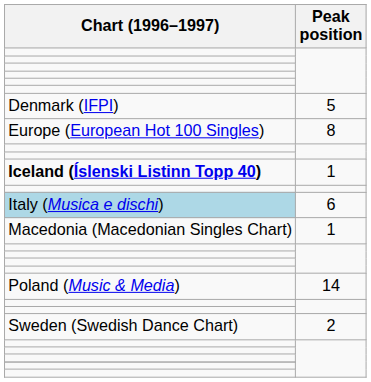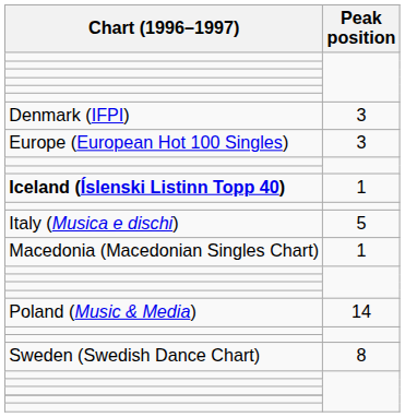 <table class="wikitable sortable">
 <tr>
 <th>Chart (1996–1997)</th>
 <th>Peak<br>position</th>
 </tr>
 <tr>
 <td></td>
 </tr>
 <tr>
 <td></td>
 </tr>
 <tr>
 <td></td>
 </tr>
 <tr>
 <td></td>
 </tr>
 <tr>
 <td></td>
 </tr>
 <tr>
 <td></td>
 </tr>
 <tr>
 <td>Denmark (<a href='#'>IFPI</a>)</td>
-<td align="center">5</td>
+<td align="center">3</td>
 </tr>
 <tr>
 <td>Europe (<a href='#'>European Hot 100 Singles</a>)</td>
-<td align="center">8</td>
+<td align="center">3</td>
 </tr>
 <tr>
 <td></td>
 </tr>
 <tr>
 <td></td>
 </tr>
 <tr>
 <td><strong>Iceland (<a href='#'>Íslenski Listinn Topp 40</a>)</strong></td>
 <td align="center">1</td>
 </tr>
 <tr>
 <td></td>
 </tr>
 <tr>
-<td style="background: lightblue;">Italy (<em><a href='#'>Musica e dischi</a></em>)</td>
-<td align="center">6</td>
+<td>Italy (<em><a href='#'>Musica e dischi</a></em>)</td>
+<td align="center">5</td>
 </tr>
 <tr>
 <td>Macedonia (Macedonian Singles Chart)</td>
 <td align="center">1</td>
 </tr>
 <tr>
 <td></td>
 </tr>
 <tr>
 <td></td>
 </tr>
 <tr>
 <td></td>
 </tr>
 <tr>
 <td></td>
 </tr>
 <tr>
 <td>Poland (<em><a href='#'>Music & Media</a></em>)</td>
 <td align="center">14</td>
 </tr>
 <tr>
 <td></td>
 </tr>
 <tr>
 <td></td>
 </tr>
 <tr>
 <td>Sweden (Swedish Dance Chart)</td>
-<td align="center">2</td>
+<td align="center">8</td>
 </tr>
 <tr>
 <td></td>
 </tr>
 <tr>
 <td></td>
 </tr>
 <tr>
 <td></td>
 </tr>
 <tr>
 </tr>
 <tr>
 <td></td>
 </tr>
 <tr>
 <td></td>
 </tr>
 </table>
